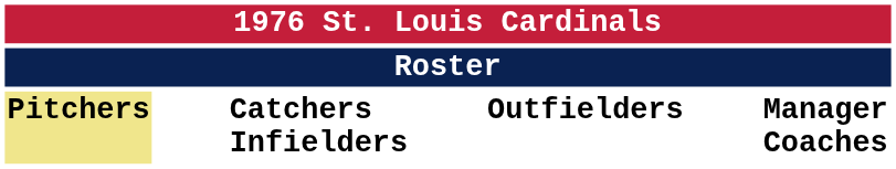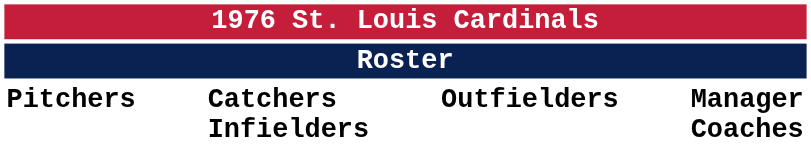 <table class="toccolours" style="font-size: 95%;">
 <tr>
 <th colspan="10" style="background-color: #c41e3a; color: white; text-align: center;">1976 St. Louis Cardinals</th>
 </tr>
 <tr>
 <td colspan="10" style="background-color: #0a2252; color: white; text-align: center;"><strong>Roster</strong></td>
 </tr>
 <tr>
-<td valign="top" style="background: khaki;"><strong>Pitchers</strong><br>               </td>
+<td valign="top"><strong>Pitchers</strong><br>               </td>
 <td width="25px"></td>
 <td valign="top"><strong>Catchers</strong><br>    <strong>Infielders</strong>           </td>
 <td width="25px"></td>
 <td valign="top"><strong>Outfielders</strong><br>        </td>
 <td width="25px"></td>
 <td valign="top"><strong>Manager</strong><br> <strong>Coaches</strong>    </td>
 </tr>
 </table>
